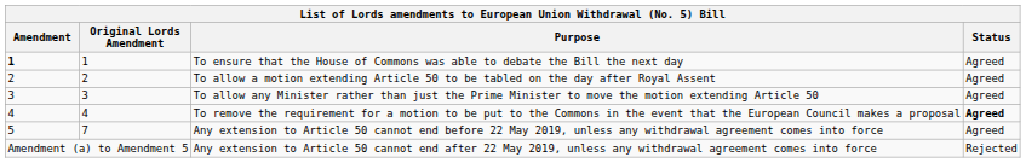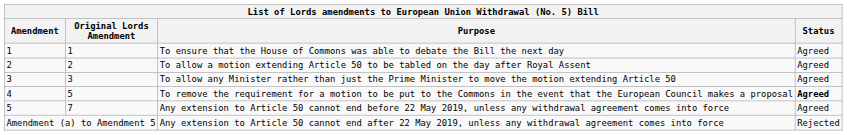 <table class="wikitable" ; font-size:98%;">
 <tr>
 <th colspan=4>List of Lords amendments to European Union Withdrawal (No. 5) Bill</th>
 </tr>
 <tr>
 <th>Amendment</th>
 <th>Original Lords<br>Amendment</th>
 <th>Purpose</th>
 <th>Status</th>
 </tr>
 <tr>
-<td><strong>1</strong></td>
+<td>1</td>
 <td>1</td>
 <td>To ensure that the House of Commons was able to debate the Bill the next day</td>
 <td>Agreed</td>
 </tr>
 <tr>
 <td>2</td>
 <td>2</td>
 <td>To allow a motion extending Article 50 to be tabled on the day after Royal Assent</td>
 <td>Agreed</td>
 </tr>
 <tr>
 <td>3</td>
 <td>3</td>
 <td>To allow any Minister rather than just the Prime Minister to move the motion extending Article 50</td>
 <td>Agreed</td>
 </tr>
 <tr>
 <td>4</td>
-<td>4</td>
+<td>5</td>
 <td>To remove the requirement for a motion to be put to the Commons in the event that the European Council makes a proposal</td>
 <td><strong>Agreed</strong></td>
 </tr>
 <tr>
 <td>5</td>
 <td>7</td>
 <td>Any extension to Article 50 cannot end before 22 May 2019, unless any withdrawal agreement comes into force</td>
 <td>Agreed</td>
 </tr>
 <tr>
 <td colspan=2 align=center>Amendment (a) to Amendment 5</td>
 <td>Any extension to Article 50 cannot end after 22 May 2019, unless any withdrawal agreement comes into force</td>
 <td>Rejected</td>
 </tr>
 </table>
